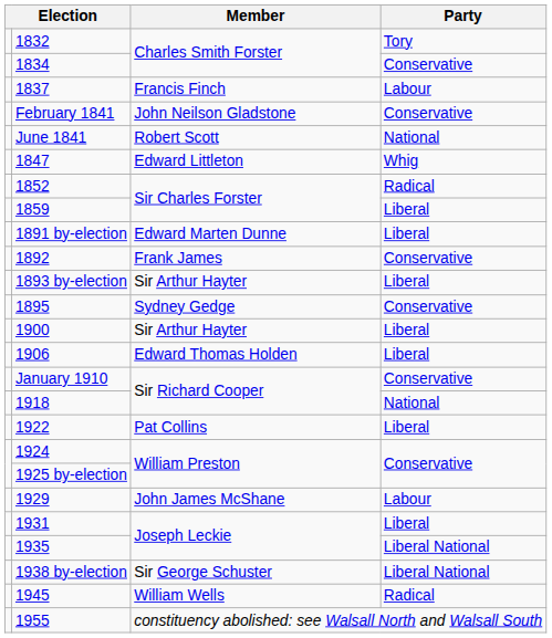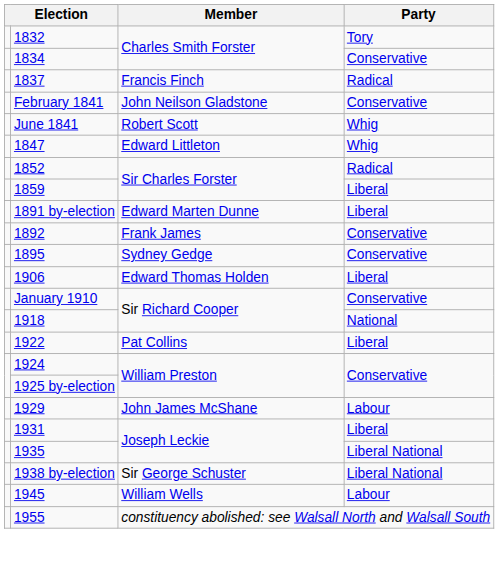 <table class="wikitable">
 <tr>
 <th colspan="2">Election</th>
 <th>Member</th>
 <th>Party</th>
 </tr>
 <tr>
 <td style="color:inherit;background-color: "></td>
 <td><a href='#'>1832</a></td>
 <td rowspan="2"><a href='#'>Charles Smith Forster</a></td>
 <td><a href='#'>Tory</a></td>
 </tr>
 <tr>
 <td style="color:inherit;background-color: "></td>
 <td><a href='#'>1834</a></td>
 <td><a href='#'>Conservative</a></td>
 </tr>
 <tr>
 <td style="color:inherit;background-color: "></td>
 <td><a href='#'>1837</a></td>
 <td><a href='#'>Francis Finch</a></td>
-<td><a href='#'>Labour</a></td>
+<td><a href='#'>Radical</a></td>
 </tr>
 <tr>
 <td style="color:inherit;background-color: "></td>
 <td><a href='#'>February 1841</a></td>
 <td><a href='#'>John Neilson Gladstone</a></td>
 <td><a href='#'>Conservative</a></td>
 </tr>
 <tr>
 <td style="color:inherit;background-color: "></td>
 <td><a href='#'>June 1841</a></td>
 <td><a href='#'>Robert Scott</a></td>
-<td><a href='#'>National</a></td>
+<td><a href='#'>Whig</a></td>
 </tr>
 <tr>
 <td style="color:inherit;background-color: "></td>
 <td><a href='#'>1847</a></td>
 <td><a href='#'>Edward Littleton</a></td>
 <td><a href='#'>Whig</a></td>
 </tr>
 <tr>
 <td style="color:inherit;background-color: "></td>
 <td><a href='#'>1852</a></td>
 <td rowspan="2"><a href='#'>Sir Charles Forster</a></td>
 <td><a href='#'>Radical</a></td>
 </tr>
 <tr>
 <td style="color:inherit;background-color: "></td>
 <td><a href='#'>1859</a></td>
 <td><a href='#'>Liberal</a></td>
 </tr>
 <tr>
 <td style="color:inherit;background-color: "></td>
 <td><a href='#'>1891 by-election</a></td>
 <td><a href='#'>Edward Marten Dunne</a></td>
 <td><a href='#'>Liberal</a></td>
 </tr>
 <tr>
 <td style="color:inherit;background-color: "></td>
 <td><a href='#'>1892</a></td>
 <td><a href='#'>Frank James</a></td>
 <td><a href='#'>Conservative</a></td>
 </tr>
 <tr>
 <td style="color:inherit;background-color: "></td>
-<td><a href='#'>1893 by-election</a></td>
-<td>Sir <a href='#'>Arthur Hayter</a></td>
-<td><a href='#'>Liberal</a></td>
-</tr>
-<tr>
-<td style="color:inherit;background-color: "></td>
 <td><a href='#'>1895</a></td>
 <td><a href='#'>Sydney Gedge</a></td>
 <td><a href='#'>Conservative</a></td>
-</tr>
-<tr>
-<td style="color:inherit;background-color: "></td>
-<td><a href='#'>1900</a></td>
-<td>Sir <a href='#'>Arthur Hayter</a></td>
-<td><a href='#'>Liberal</a></td>
 </tr>
 <tr>
 <td style="color:inherit;background-color: "></td>
 <td><a href='#'>1906</a></td>
 <td><a href='#'>Edward Thomas Holden</a></td>
 <td><a href='#'>Liberal</a></td>
 </tr>
 <tr>
 <td style="color:inherit;background-color: "></td>
 <td><a href='#'>January 1910</a></td>
 <td rowspan="2">Sir <a href='#'>Richard Cooper</a></td>
 <td><a href='#'>Conservative</a></td>
 </tr>
 <tr>
 <td style="color:inherit;background-color: "></td>
 <td><a href='#'>1918</a></td>
 <td><a href='#'>National</a></td>
 </tr>
 <tr>
 <td style="color:inherit;background-color: "></td>
 <td><a href='#'>1922</a></td>
 <td><a href='#'>Pat Collins</a></td>
 <td><a href='#'>Liberal</a></td>
 </tr>
 <tr>
 <td rowspan="2" style="color:inherit;background-color: "></td>
 <td><a href='#'>1924</a></td>
 <td rowspan="2"><a href='#'>William Preston</a></td>
 <td rowspan="2"><a href='#'>Conservative</a></td>
 </tr>
 <tr>
 <td><a href='#'>1925 by-election</a></td>
 </tr>
 <tr>
 <td style="color:inherit;background-color: "></td>
 <td><a href='#'>1929</a></td>
 <td><a href='#'>John James McShane</a></td>
 <td><a href='#'>Labour</a></td>
 </tr>
 <tr>
 <td style="color:inherit;background-color: "></td>
 <td><a href='#'>1931</a></td>
 <td rowspan="2"><a href='#'>Joseph Leckie</a></td>
 <td><a href='#'>Liberal</a></td>
 </tr>
 <tr>
 <td style="color:inherit;background-color: "></td>
 <td><a href='#'>1935</a></td>
 <td><a href='#'>Liberal National</a></td>
 </tr>
 <tr>
 <td style="color:inherit;background-color: "></td>
 <td><a href='#'>1938 by-election</a></td>
 <td>Sir <a href='#'>George Schuster</a></td>
 <td><a href='#'>Liberal National</a></td>
 </tr>
 <tr>
 <td style="color:inherit;background-color: "></td>
 <td><a href='#'>1945</a></td>
 <td><a href='#'>William Wells</a></td>
-<td><a href='#'>Radical</a></td>
+<td><a href='#'>Labour</a></td>
 </tr>
 <tr>
 <td></td>
 <td><a href='#'>1955</a></td>
 <td colspan="2"><em>constituency abolished: see <a href='#'>Walsall North</a> and <a href='#'>Walsall South</a></em></td>
 </tr>
 </table>
